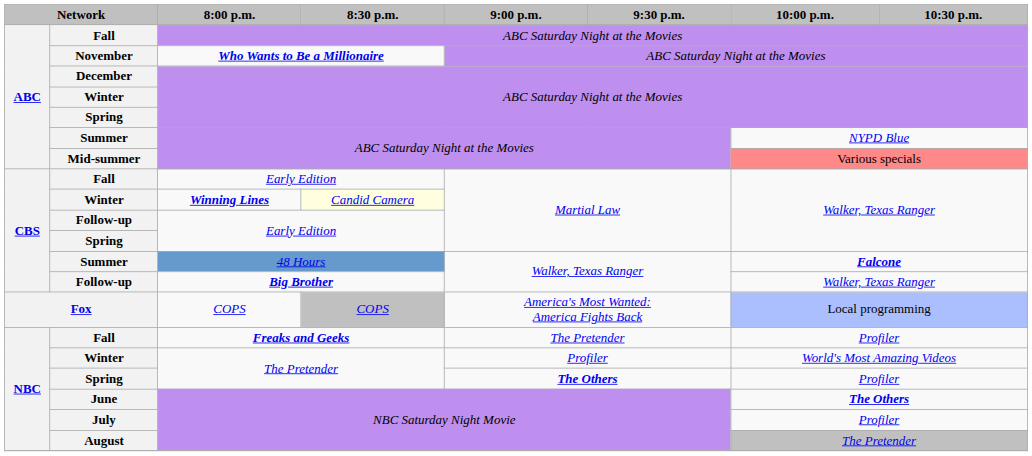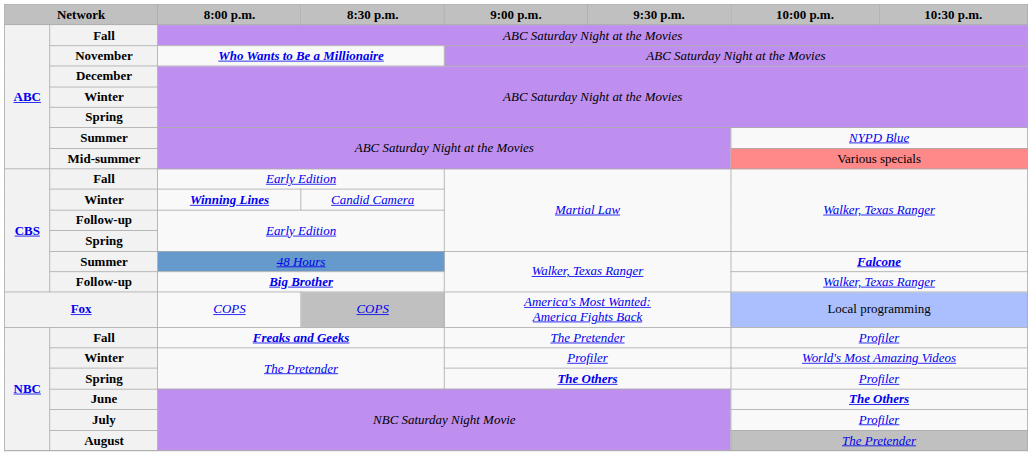 <table class="wikitable" style="width:100%;margin-right:0;text-align:center">
 <tr>
 <th colspan="2" style="background-color:#C0C0C0;text-align:center;width:15%;">Network</th>
 <th style="background-color:#C0C0C0;text-align:center;width:14%;">8:00 p.m.</th>
 <th style="background-color:#C0C0C0;text-align:center;width:14%;">8:30 p.m.</th>
 <th style="background-color:#C0C0C0;text-align:center;width:14%;">9:00 p.m.</th>
 <th style="background-color:#C0C0C0;text-align:center;width:14%;">9:30 p.m.</th>
 <th style="background-color:#C0C0C0;text-align:center">10:00 p.m.</th>
 <th style="background-color:#C0C0C0;text-align:center">10:30 p.m.</th>
 </tr>
 <tr>
 <th rowspan="7"><a href='#'>ABC</a></th>
 <th>Fall</th>
 <td colspan="6" style="background:#bf8fef;"><em>ABC Saturday Night at the Movies</em></td>
 </tr>
 <tr>
 <th>November</th>
 <td colspan="2"><strong><em><a href='#'>Who Wants to Be a Millionaire</a></em></strong></td>
 <td colspan="4" style="background:#bf8fef;"><em>ABC Saturday Night at the Movies</em></td>
 </tr>
 <tr>
 <th>December</th>
 <td colspan="6" rowspan="3" style="background:#bf8fef;"><em>ABC Saturday Night at the Movies</em></td>
 </tr>
 <tr>
 <th>Winter</th>
 </tr>
 <tr>
 <th>Spring</th>
 </tr>
 <tr>
 <th>Summer</th>
 <td colspan="4" rowspan="2" style="background:#bf8fef;"><em>ABC Saturday Night at the Movies</em></td>
 <td colspan="2"><em><a href='#'>NYPD Blue</a></em></td>
 </tr>
 <tr>
 <th>Mid-summer</th>
 <td style="background:#FF8888;" colspan="2">Various specials</td>
 </tr>
 <tr>
 <th rowspan="6"><a href='#'>CBS</a></th>
 <th>Fall</th>
 <td colspan="2"><em><a href='#'>Early Edition</a></em></td>
 <td rowspan="4" colspan="2"><em><a href='#'>Martial Law</a></em></td>
 <td rowspan="4" colspan="2"><em><a href='#'>Walker, Texas Ranger</a></em></td>
 </tr>
 <tr>
 <th>Winter</th>
 <td><strong><em><a href='#'>Winning Lines</a></em></strong></td>
-<td style="background: lightyellow;"><em><a href='#'>Candid Camera</a></em></td>
+<td><em><a href='#'>Candid Camera</a></em></td>
 </tr>
 <tr>
 <th>Follow-up</th>
 <td rowspan="2" colspan="2"><em><a href='#'>Early Edition</a></em></td>
 </tr>
 <tr>
 <th>Spring</th>
 </tr>
 <tr>
 <th>Summer</th>
 <td colspan="2" style="background:#6699CC;"><em><a href='#'>48 Hours</a></em></td>
 <td colspan="2" rowspan="2"><em><a href='#'>Walker, Texas Ranger</a></em></td>
 <td colspan="2"><strong><em><a href='#'>Falcone</a></em></strong></td>
 </tr>
 <tr>
 <th>Follow-up</th>
 <td colspan="2"><strong><em><a href='#'>Big Brother</a></em></strong></td>
 <td colspan="2"><em><a href='#'>Walker, Texas Ranger</a></em></td>
 </tr>
 <tr>
 <th colspan="2"><a href='#'>Fox</a></th>
 <td><em><a href='#'>COPS</a></em></td>
 <td style="background:#C0C0C0;"><em><a href='#'>COPS</a></em> </td>
 <td colspan="2"><em><a href='#'>America's Most Wanted:<br>America Fights Back</a></em></td>
 <td style="background:#abbfff;" colspan="2">Local programming</td>
 </tr>
 <tr>
 <th rowspan="6"><a href='#'>NBC</a></th>
 <th>Fall</th>
 <td colspan="2"><strong><em><a href='#'>Freaks and Geeks</a></em></strong></td>
 <td colspan="2"><em><a href='#'>The Pretender</a></em></td>
 <td colspan="2"><em><a href='#'>Profiler</a></em></td>
 </tr>
 <tr>
 <th>Winter</th>
 <td colspan="2" rowspan="2"><em><a href='#'>The Pretender</a></em></td>
 <td colspan="2"><em><a href='#'>Profiler</a></em></td>
 <td colspan="2"><em><a href='#'>World's Most Amazing Videos</a></em></td>
 </tr>
 <tr>
 <th>Spring</th>
 <td colspan="2"><strong><em><a href='#'>The Others</a></em></strong></td>
 <td colspan="2"><em><a href='#'>Profiler</a></em></td>
 </tr>
 <tr>
 <th>June</th>
 <td colspan="4" rowspan="3" style="background:#bf8fef"><em>NBC Saturday Night Movie</em></td>
 <td colspan="2"><strong><em><a href='#'>The Others</a></em></strong></td>
 </tr>
 <tr>
 <th>July</th>
 <td colspan="2"><em><a href='#'>Profiler</a></em></td>
 </tr>
 <tr>
 <th>August</th>
 <td colspan="2" style="background:#C0C0C0;"><em><a href='#'>The Pretender</a></em> </td>
 </tr>
 <tr>
 </tr>
 </table>
